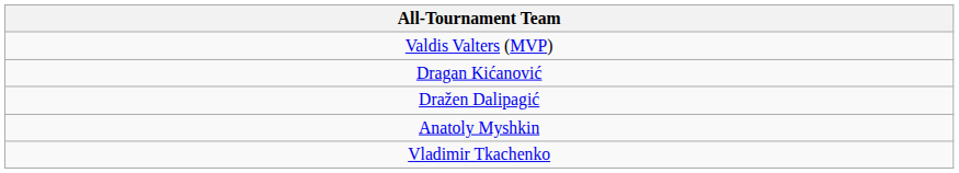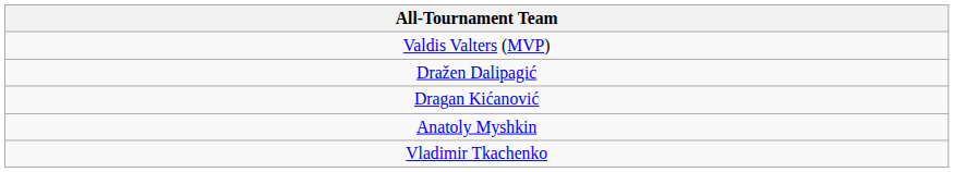 <table class="wikitable sortable" style="text-align:center; width: 100%">
 <tr>
 <th>All-Tournament Team</th>
 </tr>
 <tr>
 <td> <a href='#'>Valdis Valters</a> (<a href='#'>MVP</a>)</td>
 </tr>
 <tr>
-<td> <a href='#'>Dragan Kićanović</a></td>
+<td> <a href='#'>Dražen Dalipagić</a></td>
 </tr>
 <tr>
-<td> <a href='#'>Dražen Dalipagić</a></td>
+<td> <a href='#'>Dragan Kićanović</a></td>
 </tr>
 <tr>
 <td> <a href='#'>Anatoly Myshkin</a></td>
 </tr>
 <tr>
 <td> <a href='#'>Vladimir Tkachenko</a></td>
 </tr>
 </table>
